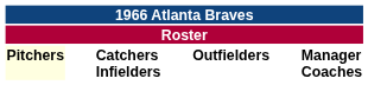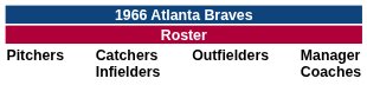 <table class="toccolours" style="font-size: 95%;">
 <tr>
 <th colspan="10" style="background-color: #0f437c; color: white; text-align: center;">1966 Atlanta Braves</th>
 </tr>
 <tr>
 <td colspan="10" style="background-color: #af0039; color: white; text-align: center;"><strong>Roster</strong></td>
 </tr>
 <tr>
-<td valign="top" style="background: lightyellow;"><strong>Pitchers</strong><br>                    </td>
+<td valign="top"><strong>Pitchers</strong><br>                    </td>
 <td width="25px"></td>
 <td valign="top"><strong>Catchers</strong><br>   <strong>Infielders</strong>           </td>
 <td width="25px"></td>
 <td valign="top"><strong>Outfielders</strong><br>       </td>
 <td width="25px"></td>
 <td valign="top"><strong>Manager</strong><br>  <strong>Coaches</strong>     </td>
 </tr>
 </table>
